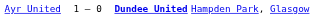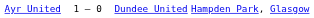 <table width=100% cellspacing=1>
 <tr>
 <th width=12%></th>
 <th width=8%></th>
 <th width=12%></th>
 <th></th>
 </tr>
 <tr>
 <td align=right><a href='#'>Ayr United</a></td>
 <td align=center>1 – 0</td>
-<td><strong><a href='#'>Dundee United</a></strong></td>
+<td><a href='#'>Dundee United</a></td>
 <td><a href='#'>Hampden Park</a>, <a href='#'>Glasgow</a></td>
 </tr>
 </table>
